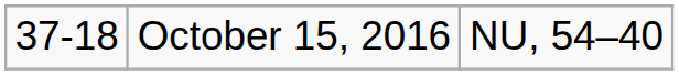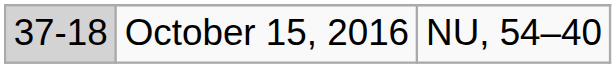 <table class="wikitable">
 <tr align="center">
 </tr>
 <tr align="center">
-<td>37-18</td>
+<td style="background: lightgrey;">37-18</td>
 <td>October 15, 2016</td>
 <td>NU, 54–40</td>
 </tr>
 </table>
